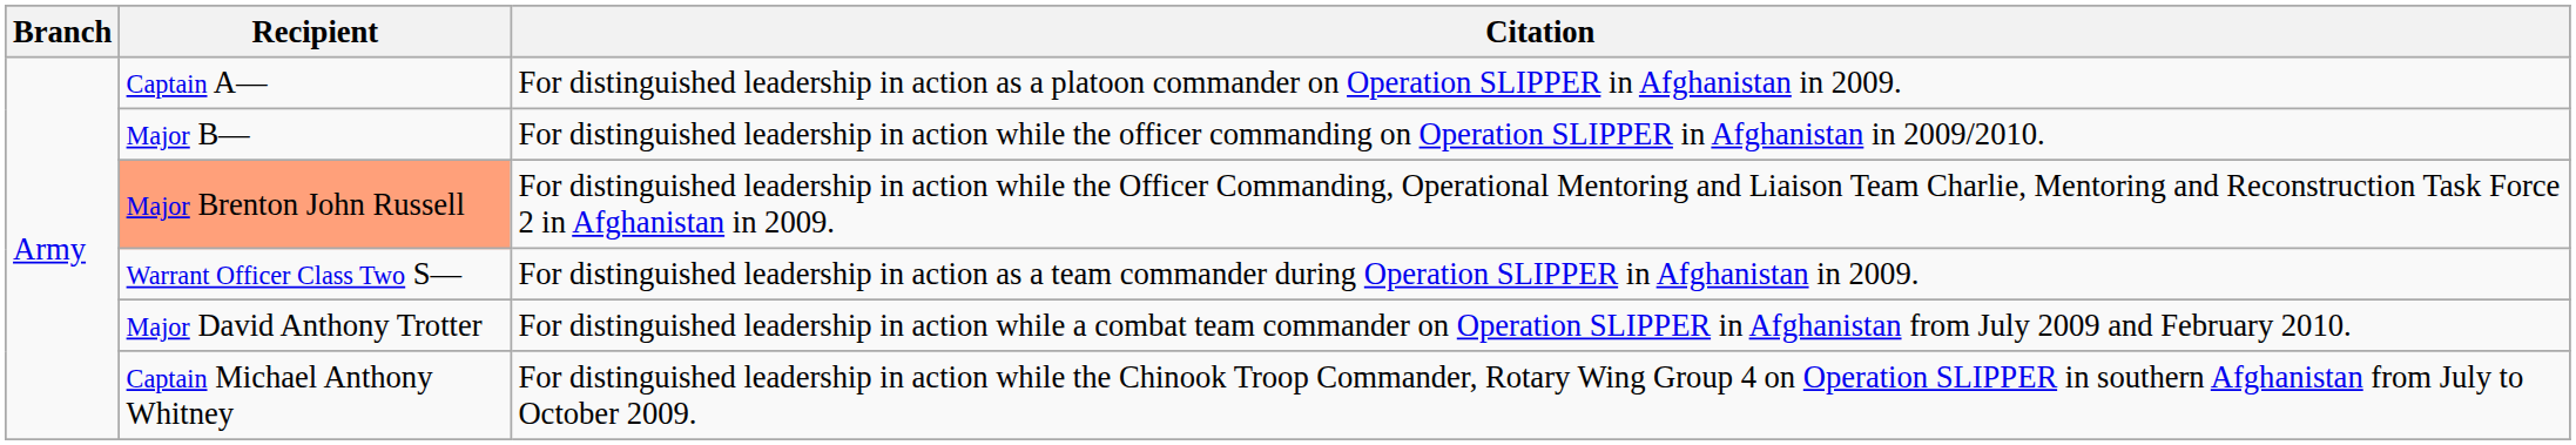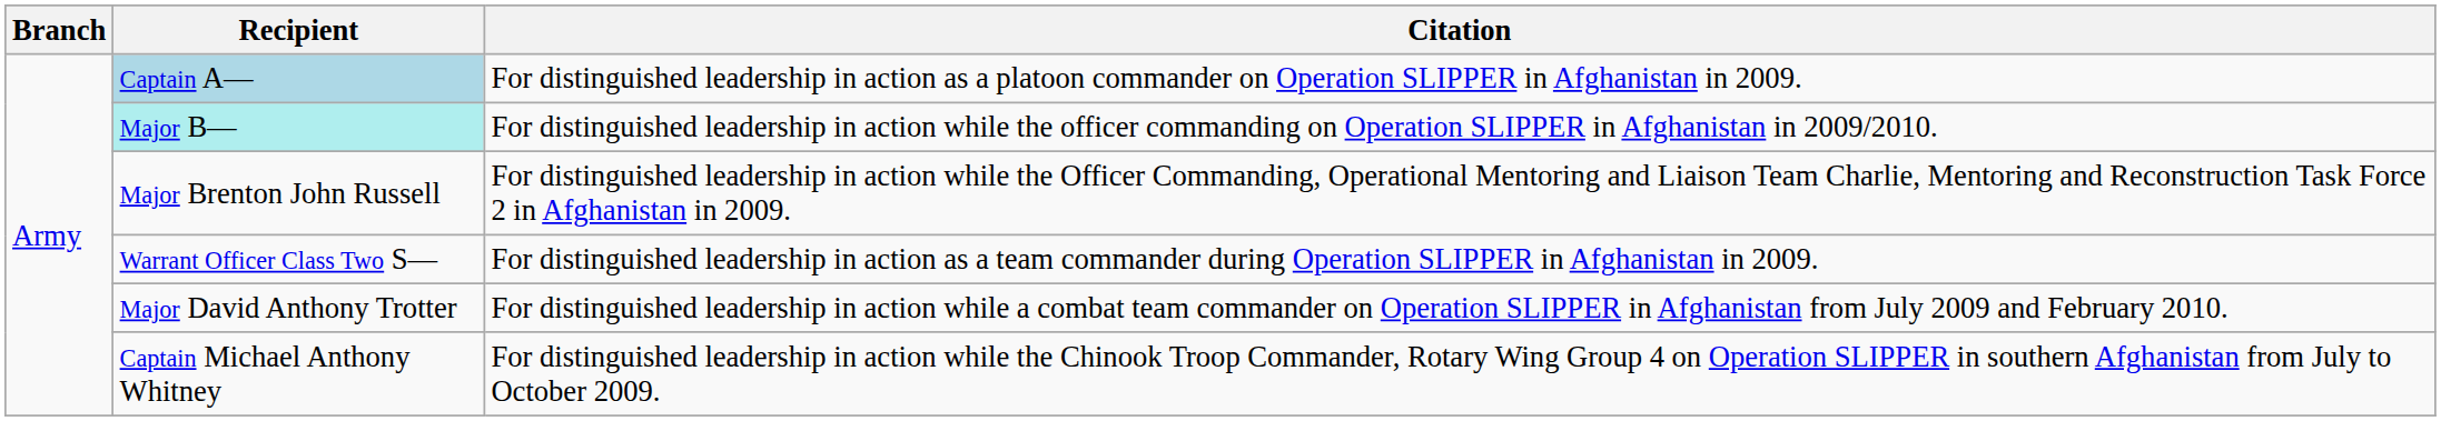 <table class="wikitable" style="font-size:95%;">
 <tr>
 <th>Branch</th>
 <th>Recipient</th>
 <th>Citation</th>
 </tr>
 <tr>
 <td rowspan="6"><a href='#'>Army</a></td>
-<td><small><a href='#'>Captain</a></small> A—</td>
+<td style="background: lightblue;"><small><a href='#'>Captain</a></small> A—</td>
 <td>For distinguished leadership in action as a platoon commander on <a href='#'>Operation SLIPPER</a> in <a href='#'>Afghanistan</a> in 2009.</td>
 </tr>
 <tr>
-<td><small><a href='#'>Major</a></small> B—</td>
+<td style="background: paleturquoise;"><small><a href='#'>Major</a></small> B—</td>
 <td>For distinguished leadership in action while the officer commanding on <a href='#'>Operation SLIPPER</a> in <a href='#'>Afghanistan</a> in 2009/2010.</td>
 </tr>
 <tr>
-<td style="background: lightsalmon;"><small><a href='#'>Major</a></small> Brenton John Russell</td>
+<td><small><a href='#'>Major</a></small> Brenton John Russell</td>
 <td>For distinguished leadership in action while the Officer Commanding, Operational Mentoring and Liaison Team Charlie, Mentoring and Reconstruction Task Force 2 in <a href='#'>Afghanistan</a> in 2009.</td>
 </tr>
 <tr>
 <td><small><a href='#'>Warrant Officer Class Two</a></small> S—</td>
 <td>For distinguished leadership in action as a team commander during <a href='#'>Operation SLIPPER</a> in <a href='#'>Afghanistan</a> in 2009.</td>
 </tr>
 <tr>
 <td><small><a href='#'>Major</a></small> David Anthony Trotter</td>
 <td>For distinguished leadership in action while a combat team commander on <a href='#'>Operation SLIPPER</a> in <a href='#'>Afghanistan</a> from July 2009 and February 2010.</td>
 </tr>
 <tr>
 <td><small><a href='#'>Captain</a></small> Michael Anthony Whitney</td>
 <td>For distinguished leadership in action while the Chinook Troop Commander, Rotary Wing Group 4 on <a href='#'>Operation SLIPPER</a> in southern <a href='#'>Afghanistan</a> from July to October 2009.</td>
 </tr>
 </table>
